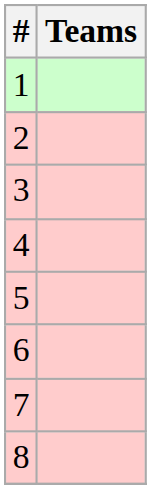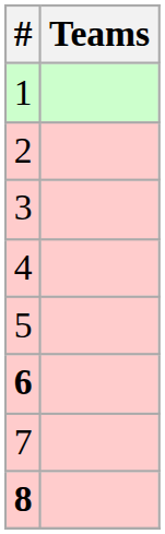 <table class="wikitable">
 <tr>
 <th>#</th>
 <th>Teams</th>
 </tr>
 <tr bgcolor=ccffcc>
 <td>1</td>
 <td></td>
 </tr>
 <tr bgcolor=#fcc>
 <td>2</td>
 <td></td>
 </tr>
 <tr bgcolor=#fcc>
 <td>3</td>
 <td></td>
 </tr>
 <tr bgcolor=#fcc>
 <td>4</td>
 <td></td>
 </tr>
 <tr bgcolor=#fcc>
 <td>5</td>
 <td></td>
 </tr>
 <tr bgcolor=#fcc>
-<td>6</td>
+<td><strong>6</strong></td>
 <td></td>
 </tr>
 <tr bgcolor=#fcc>
 <td>7</td>
 <td></td>
 </tr>
 <tr bgcolor=#fcc>
-<td>8</td>
+<td><strong>8</strong></td>
 <td></td>
 </tr>
 <tr>
 </tr>
 </table>
